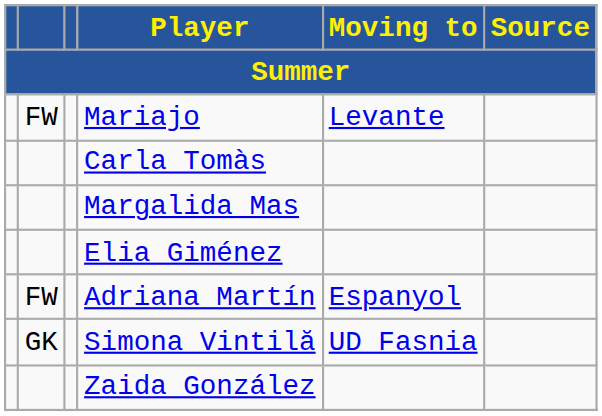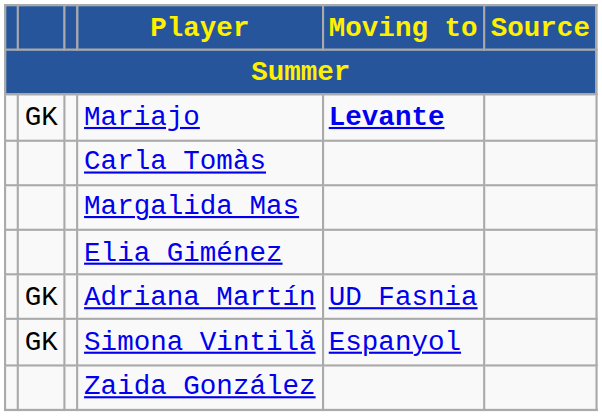 <table class="wikitable plainrowheaders sortable" style="text-align:center">
 <tr>
 <th style="background:#26559B; color:#FFF000; "></th>
 <th style="background:#26559B; color:#FFF000; "></th>
 <th style="background:#26559B; color:#FFF000; "></th>
 <th style="background:#26559B; color:#FFF000; ">Player</th>
 <th style="background:#26559B; color:#FFF000; ">Moving to</th>
 <th style="background:#26559B; color:#FFF000; ">Source</th>
 </tr>
 <tr>
 <th colspan="6" style="background:#26559B; color:#FFF000; ">Summer</th>
 </tr>
 <tr>
 <td></td>
-<td>FW</td>
+<td>GK</td>
 <td></td>
 <td align="left"><a href='#'>Mariajo</a></td>
-<td align="left"><a href='#'>Levante</a></td>
+<td align="left"><strong><a href='#'>Levante</a></strong></td>
 <td></td>
 </tr>
 <tr>
 <td></td>
 <td></td>
 <td></td>
 <td align="left"><a href='#'>Carla Tomàs</a></td>
 <td align="left"></td>
 <td></td>
 </tr>
 <tr>
 <td></td>
 <td></td>
 <td></td>
 <td align="left"><a href='#'>Margalida Mas</a></td>
 <td align="left"></td>
 <td></td>
 </tr>
 <tr>
 <td></td>
 <td></td>
 <td></td>
 <td align="left"><a href='#'>Elia Giménez</a></td>
 <td align="left"></td>
 <td></td>
 </tr>
 <tr>
 <td></td>
-<td>FW</td>
+<td>GK</td>
 <td></td>
 <td align="left"><a href='#'>Adriana Martín</a></td>
-<td align="left"><a href='#'>Espanyol</a></td>
+<td align="left"><a href='#'>UD Fasnia</a></td>
 <td></td>
 </tr>
 <tr>
 <td></td>
 <td>GK</td>
 <td></td>
 <td align="left"><a href='#'>Simona Vintilă</a></td>
-<td align="left"><a href='#'>UD Fasnia</a></td>
+<td align="left"><a href='#'>Espanyol</a></td>
 <td></td>
 </tr>
 <tr>
 <td></td>
 <td></td>
 <td></td>
 <td align="left"><a href='#'>Zaida González</a></td>
 <td align="left"></td>
 <td></td>
 </tr>
 <tr>
 </tr>
 </table>
